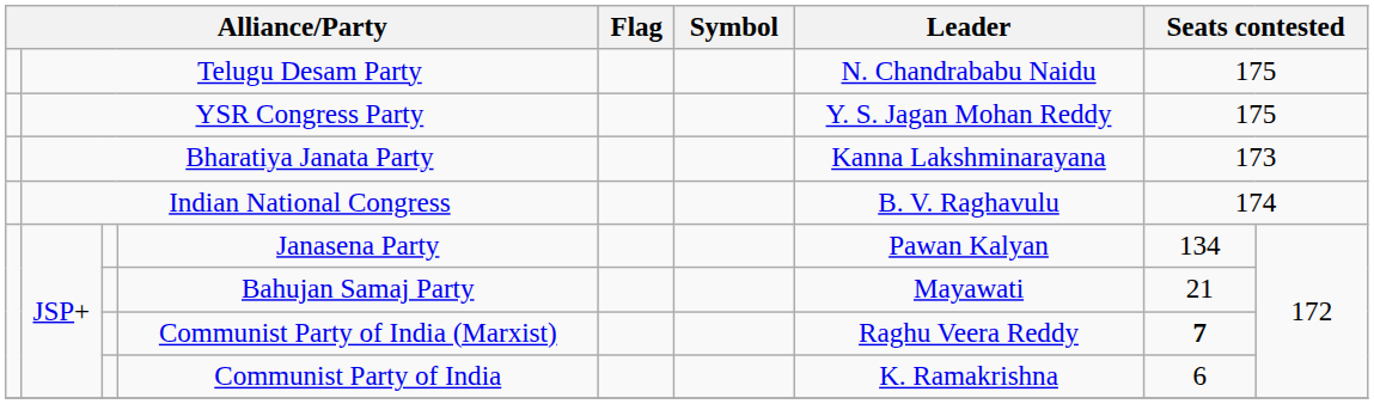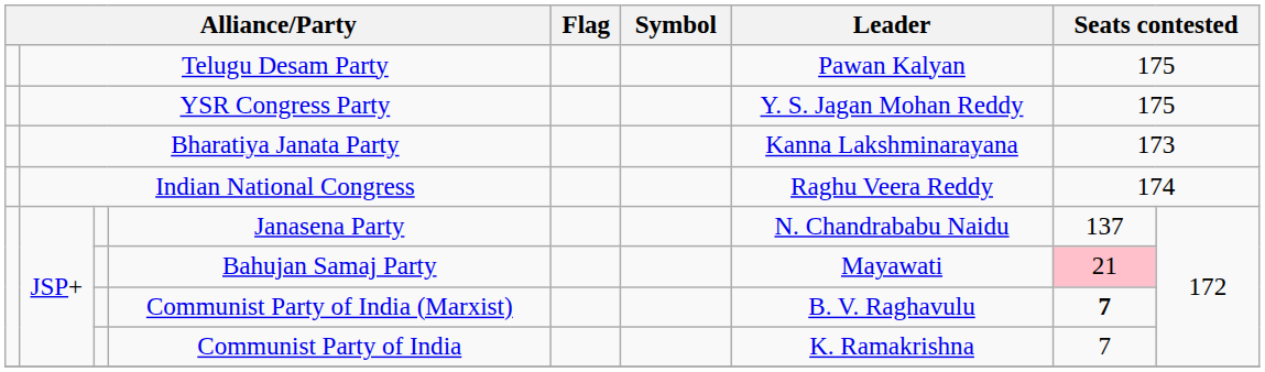 <table class="wikitable sortable" width="50%" style="text-align:center;">
 <tr>
 <th colspan=4>Alliance/Party</th>
 <th>Flag</th>
 <th>Symbol</th>
 <th>Leader</th>
 <th colspan=4>Seats contested</th>
 </tr>
 <tr>
 <td style="text-align:center; background:"></td>
 <td colspan=3><a href='#'>Telugu Desam Party</a></td>
 <td></td>
 <td></td>
-<td><a href='#'>N. Chandrababu Naidu</a></td>
+<td><a href='#'>Pawan Kalyan</a></td>
 <td colspan=3>175</td>
 </tr>
 <tr>
 <td style="text-align:center; background:"></td>
 <td colspan="3"><a href='#'>YSR Congress Party</a></td>
 <td></td>
 <td></td>
 <td><a href='#'>Y. S. Jagan Mohan Reddy</a></td>
 <td colspan="3">175</td>
 </tr>
 <tr>
 <td style="text-align:center; background:"></td>
 <td colspan=3><a href='#'>Bharatiya Janata Party</a></td>
 <td></td>
 <td></td>
 <td><a href='#'>Kanna Lakshminarayana</a></td>
 <td colspan=3>173</td>
 </tr>
 <tr>
 <td style="text-align:center; background:"></td>
 <td colspan=3><a href='#'>Indian National Congress</a></td>
 <td></td>
 <td></td>
-<td><a href='#'>B. V. Raghavulu</a></td>
+<td><a href='#'>Raghu Veera Reddy</a></td>
 <td colspan=3>174</td>
 </tr>
 <tr>
 <td rowspan=4 style="text-align:center; background:"></td>
 <td rowspan=4><a href='#'>JSP</a>+</td>
 <td style="text-align:center; background:"></td>
 <td><a href='#'>Janasena Party</a></td>
 <td></td>
 <td></td>
-<td><a href='#'>Pawan Kalyan</a></td>
-<td>134</td>
+<td><a href='#'>N. Chandrababu Naidu</a></td>
+<td>137</td>
 <td rowspan=4>172</td>
 </tr>
 <tr>
 <td style="text-align:center; background:"></td>
 <td><a href='#'>Bahujan Samaj Party</a></td>
 <td></td>
 <td></td>
 <td><a href='#'>Mayawati</a></td>
-<td>21</td>
+<td style="background: pink;">21</td>
 </tr>
 <tr>
 <td style="text-align:center; background:"></td>
 <td><a href='#'>Communist Party of India (Marxist)</a></td>
 <td></td>
 <td></td>
-<td><a href='#'>Raghu Veera Reddy</a></td>
+<td><a href='#'>B. V. Raghavulu</a></td>
 <td><strong>7</strong></td>
 </tr>
 <tr>
 <td style="text-align:center; background:"></td>
 <td><a href='#'>Communist Party of India</a></td>
 <td></td>
 <td></td>
 <td><a href='#'>K. Ramakrishna</a></td>
-<td>6</td>
+<td>7</td>
 </tr>
 <tr>
 </tr>
 </table>
